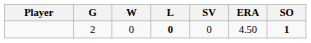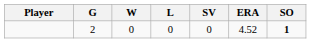 <table class="wikitable sortable">
 <tr>
 <th bgcolor="#DDDDFF" width="16%">Player</th>
 <th bgcolor="#DDDDFF" width="9%">G</th>
 <th bgcolor="#DDDDFF" width="9%">W</th>
 <th bgcolor="#DDDDFF" width="9%">L</th>
 <th bgcolor="#DDDDFF" width="9%">SV</th>
 <th bgcolor="#DDDDFF" width="9%">ERA</th>
 <th bgcolor="#DDDDFF" width="9%">SO</th>
 </tr>
 <tr align="center">
 <td></td>
 <td>2</td>
 <td>0</td>
-<td><strong>0</strong></td>
 <td>0</td>
-<td>4.50</td>
+<td>0</td>
+<td>4.52</td>
 <td><strong>1</strong></td>
 </tr>
 </table>
